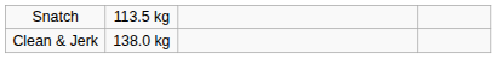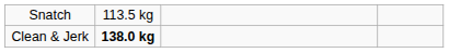 <table class = "wikitable" style="text-align:center;">
 <tr>
 <td width=100>Snatch</td>
 <td width=70>113.5 kg</td>
 <td width=250 align=left></td>
 <td width=70></td>
 </tr>
 <tr>
 <td>Clean & Jerk</td>
-<td>138.0 kg</td>
+<td><strong>138.0 kg</strong></td>
 <td align=left></td>
 <td></td>
 </tr>
 </table>
